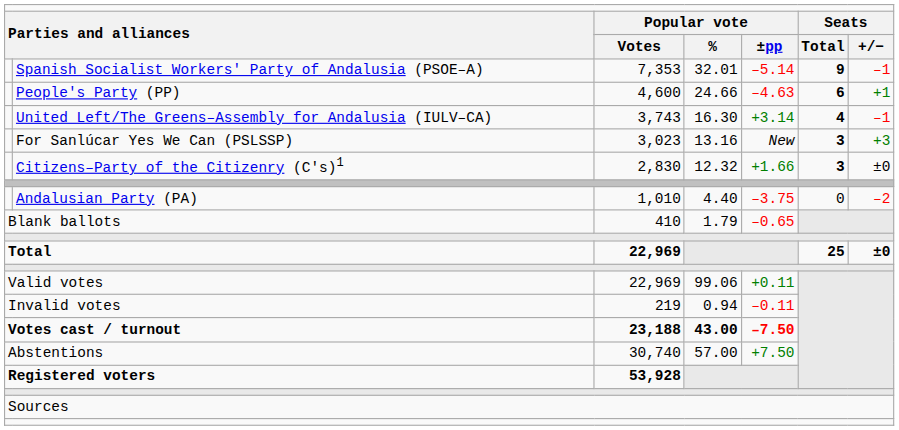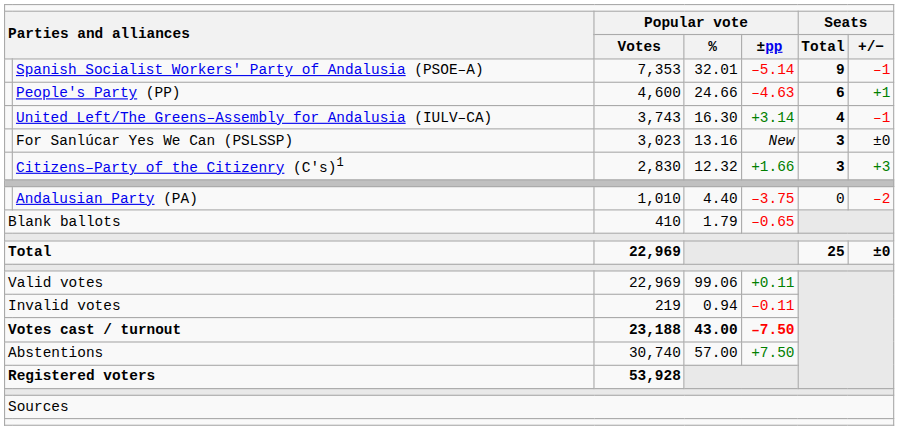 <table class="wikitable" style="text-align:right;">
 <tr>
 <td colspan="7"></td>
 </tr>
 <tr>
 <th style="text-align:left;" rowspan="2" colspan="2" width="525">Parties and alliances</th>
 <th colspan="3">Popular vote</th>
 <th colspan="2">Seats</th>
 </tr>
 <tr>
 <th width="75">Votes</th>
 <th width="45">%</th>
 <th width="45">±<a href='#'>pp</a></th>
 <th width="35">Total</th>
 <th width="35">+/−</th>
 </tr>
 <tr>
 <td width="1" style="color:inherit;background:"></td>
 <td align="left"><a href='#'>Spanish Socialist Workers' Party of Andalusia</a> (PSOE–A)</td>
 <td>7,353</td>
 <td>32.01</td>
 <td style="color:red;">–5.14</td>
 <td><strong>9</strong></td>
 <td style="color:red;">–1</td>
 </tr>
 <tr>
 <td style="color:inherit;background:"></td>
 <td align="left"><a href='#'>People's Party</a> (PP)</td>
 <td>4,600</td>
 <td>24.66</td>
 <td style="color:red;">–4.63</td>
 <td><strong>6</strong></td>
 <td style="color:green;">+1</td>
 </tr>
 <tr>
 <td style="color:inherit;background:"></td>
 <td align="left"><a href='#'>United Left/The Greens–Assembly for Andalusia</a> (IULV–CA)</td>
 <td>3,743</td>
 <td>16.30</td>
 <td style="color:green;">+3.14</td>
 <td><strong>4</strong></td>
 <td style="color:red;">–1</td>
 </tr>
 <tr>
 <td style="color:inherit;background:"></td>
 <td align="left">For Sanlúcar Yes We Can (PSLSSP)</td>
 <td>3,023</td>
 <td>13.16</td>
 <td><em>New</em></td>
 <td><strong>3</strong></td>
-<td style="color:green;">+3</td>
+<td>±0</td>
 </tr>
 <tr>
 <td style="color:inherit;background:"></td>
 <td align="left"><a href='#'>Citizens–Party of the Citizenry</a> (C's)<sup>1</sup></td>
 <td>2,830</td>
 <td>12.32</td>
 <td style="color:green;">+1.66</td>
 <td><strong>3</strong></td>
-<td>±0</td>
+<td style="color:green;">+3</td>
 </tr>
 <tr>
 <td colspan="7" bgcolor="#C0C0C0"></td>
 </tr>
 <tr>
 <td style="color:inherit;background:"></td>
 <td align="left"><a href='#'>Andalusian Party</a> (PA)</td>
 <td>1,010</td>
 <td>4.40</td>
 <td style="color:red;">–3.75</td>
 <td>0</td>
 <td style="color:red;">–2</td>
 </tr>
 <tr>
 <td align="left" colspan="2">Blank ballots</td>
 <td>410</td>
 <td>1.79</td>
 <td style="color:red;">–0.65</td>
 <td bgcolor="#E9E9E9" colspan="2"></td>
 </tr>
 <tr>
 <td colspan="7" bgcolor="#E9E9E9"></td>
 </tr>
 <tr style="font-weight:bold;">
 <td align="left" colspan="2">Total</td>
 <td>22,969</td>
 <td bgcolor="#E9E9E9" colspan="2"></td>
 <td>25</td>
 <td>±0</td>
 </tr>
 <tr>
 <td colspan="7" bgcolor="#E9E9E9"></td>
 </tr>
 <tr>
 <td align="left" colspan="2">Valid votes</td>
 <td>22,969</td>
 <td>99.06</td>
 <td style="color:green;">+0.11</td>
 <td bgcolor="#E9E9E9" colspan="2" rowspan="5"></td>
 </tr>
 <tr>
 <td align="left" colspan="2">Invalid votes</td>
 <td>219</td>
 <td>0.94</td>
 <td style="color:red;">–0.11</td>
 </tr>
 <tr style="font-weight:bold;">
 <td align="left" colspan="2">Votes cast / turnout</td>
 <td>23,188</td>
 <td>43.00</td>
 <td style="color:red;">–7.50</td>
 </tr>
 <tr>
 <td align="left" colspan="2">Abstentions</td>
 <td>30,740</td>
 <td>57.00</td>
 <td style="color:green;">+7.50</td>
 </tr>
 <tr style="font-weight:bold;">
 <td align="left" colspan="2">Registered voters</td>
 <td>53,928</td>
 <td bgcolor="#E9E9E9" colspan="2"></td>
 </tr>
 <tr>
 <td colspan="7" bgcolor="#E9E9E9"></td>
 </tr>
 <tr>
 <td align="left" colspan="7">Sources</td>
 </tr>
 <tr>
 <td colspan="7" style="text-align:left; max-width:790px;"></td>
 </tr>
 </table>
